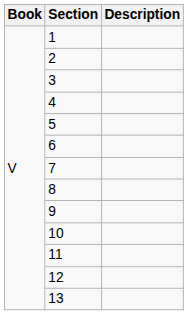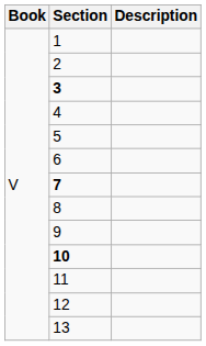 <table class="wikitable" style="max-width:45em;">
 <tr>
 <th>Book</th>
 <th>Section</th>
 <th>Description</th>
 </tr>
 <tr>
 <td rowspan="15">V</td>
 <td>1</td>
 <td></td>
 </tr>
 <tr>
 <td>2</td>
 <td></td>
 </tr>
 <tr>
-<td>3</td>
+<td><strong>3</strong></td>
 <td></td>
 </tr>
 <tr>
 <td>4</td>
 <td></td>
 </tr>
 <tr>
 <td>5</td>
 <td></td>
 </tr>
 <tr>
 <td>6</td>
 <td></td>
 </tr>
 <tr>
-<td>7</td>
+<td><strong>7</strong></td>
 <td></td>
 </tr>
 <tr>
 <td>8</td>
 <td></td>
 </tr>
 <tr>
 <td>9</td>
 <td></td>
 </tr>
 <tr>
-<td>10</td>
+<td><strong>10</strong></td>
 <td></td>
 </tr>
 <tr>
 <td>11</td>
 <td></td>
 </tr>
 <tr>
 <td>12</td>
 <td></td>
 </tr>
 <tr>
 <td>13</td>
 <td></td>
 </tr>
 </table>
